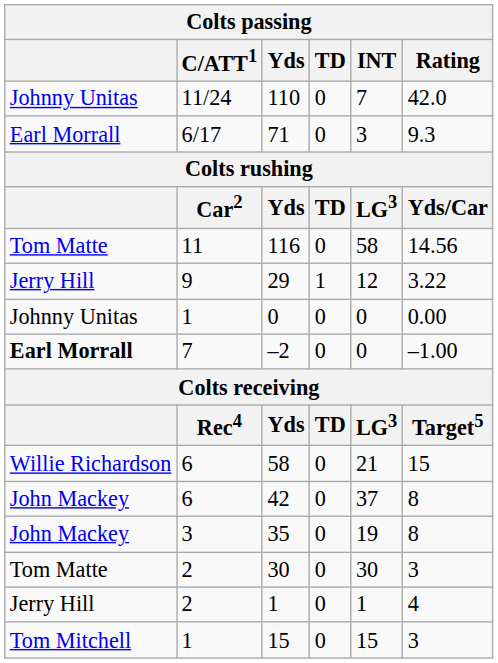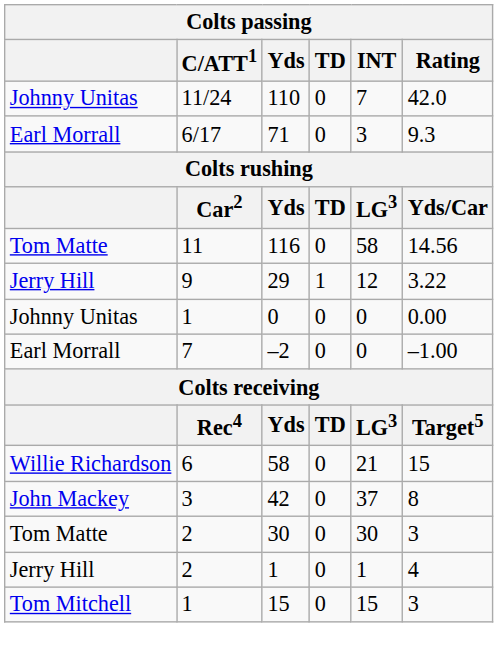 <table class="wikitable">
 <tr>
 <th colspan="6">Colts passing</th>
 </tr>
 <tr>
 <th></th>
 <th>C/ATT<sup>1</sup></th>
 <th>Yds</th>
 <th>TD</th>
 <th>INT</th>
 <th>Rating</th>
 </tr>
 <tr>
 <td><a href='#'>Johnny Unitas</a></td>
 <td>11/24</td>
 <td>110</td>
 <td>0</td>
 <td>7</td>
 <td>42.0</td>
 </tr>
 <tr>
 <td><a href='#'>Earl Morrall</a></td>
 <td>6/17</td>
 <td>71</td>
 <td>0</td>
 <td>3</td>
 <td>9.3</td>
 </tr>
 <tr>
 <th colspan="6">Colts rushing</th>
 </tr>
 <tr>
 <th></th>
 <th>Car<sup>2</sup></th>
 <th>Yds</th>
 <th>TD</th>
 <th>LG<sup>3</sup></th>
 <th>Yds/Car</th>
 </tr>
 <tr>
 <td><a href='#'>Tom Matte</a></td>
 <td>11</td>
 <td>116</td>
 <td>0</td>
 <td>58</td>
 <td>14.56</td>
 </tr>
 <tr>
 <td><a href='#'>Jerry Hill</a></td>
 <td>9</td>
 <td>29</td>
 <td>1</td>
 <td>12</td>
 <td>3.22</td>
 </tr>
 <tr>
 <td>Johnny Unitas</td>
 <td>1</td>
 <td>0</td>
 <td>0</td>
 <td>0</td>
 <td>0.00</td>
 </tr>
 <tr>
-<td><strong>Earl Morrall</strong></td>
+<td>Earl Morrall</td>
 <td>7</td>
 <td>–2</td>
 <td>0</td>
 <td>0</td>
 <td>–1.00</td>
 </tr>
 <tr>
 <th colspan="6">Colts receiving</th>
 </tr>
 <tr>
 <th></th>
 <th>Rec<sup>4</sup></th>
 <th>Yds</th>
 <th>TD</th>
 <th>LG<sup>3</sup></th>
 <th>Target<sup>5</sup></th>
 </tr>
 <tr>
 <td><a href='#'>Willie Richardson</a></td>
 <td>6</td>
 <td>58</td>
 <td>0</td>
 <td>21</td>
 <td>15</td>
 </tr>
 <tr>
 <td><a href='#'>John Mackey</a></td>
-<td>6</td>
+<td>3</td>
 <td>42</td>
 <td>0</td>
 <td>37</td>
-<td>8</td>
-</tr>
-<tr>
-<td><a href='#'>John Mackey</a></td>
-<td>3</td>
-<td>35</td>
-<td>0</td>
-<td>19</td>
 <td>8</td>
 </tr>
 <tr>
 <td>Tom Matte</td>
 <td>2</td>
 <td>30</td>
 <td>0</td>
 <td>30</td>
 <td>3</td>
 </tr>
 <tr>
 <td>Jerry Hill</td>
 <td>2</td>
 <td>1</td>
 <td>0</td>
 <td>1</td>
 <td>4</td>
 </tr>
 <tr>
 <td><a href='#'>Tom Mitchell</a></td>
 <td>1</td>
 <td>15</td>
 <td>0</td>
 <td>15</td>
 <td>3</td>
 </tr>
 </table>
